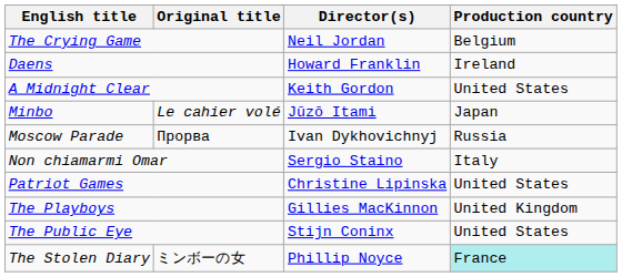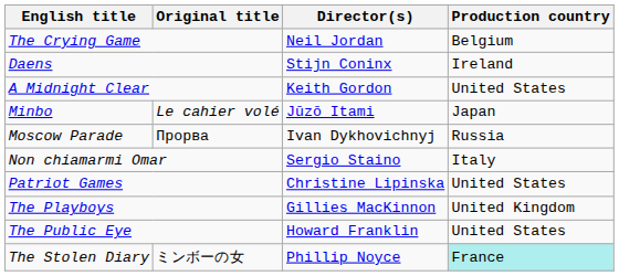 <table class="sortable wikitable" style="display:inline-block; margin-right:4%; margin-top:0px; margin-bottom:0px; border:none">
 <tr>
 <th>English title</th>
 <th>Original title</th>
 <th>Director(s)</th>
 <th>Production country</th>
 </tr>
 <tr>
 <td colspan=2><em><a href='#'>The Crying Game</a></em></td>
 <td><a href='#'>Neil Jordan</a></td>
 <td>Belgium</td>
 </tr>
 <tr>
 <td colspan=2><em><a href='#'>Daens</a></em></td>
-<td><a href='#'>Howard Franklin</a></td>
+<td><a href='#'>Stijn Coninx</a></td>
 <td>Ireland</td>
 </tr>
 <tr>
 <td colspan=2><em><a href='#'>A Midnight Clear</a></em></td>
 <td><a href='#'>Keith Gordon</a></td>
 <td>United States</td>
 </tr>
 <tr>
 <td><em><a href='#'>Minbo</a></em></td>
 <td><em>Le cahier volé</em></td>
 <td><a href='#'>Jūzō Itami</a></td>
 <td>Japan</td>
 </tr>
 <tr>
 <td><em>Moscow Parade</em></td>
 <td>Прорва</td>
 <td>Ivan Dykhovichnyj</td>
 <td>Russia</td>
 </tr>
 <tr>
 <td colspan=2><em>Non chiamarmi Omar</em></td>
 <td><a href='#'>Sergio Staino</a></td>
 <td>Italy</td>
 </tr>
 <tr>
 <td colspan=2><em><a href='#'>Patriot Games</a></em></td>
 <td><a href='#'>Christine Lipinska</a></td>
 <td>United States</td>
 </tr>
 <tr>
 <td colspan=2><em><a href='#'>The Playboys</a></em></td>
 <td><a href='#'>Gillies MacKinnon</a></td>
 <td>United Kingdom</td>
 </tr>
 <tr>
 <td colspan=2><em><a href='#'>The Public Eye</a></em></td>
-<td><a href='#'>Stijn Coninx</a></td>
+<td><a href='#'>Howard Franklin</a></td>
 <td>United States</td>
 </tr>
 <tr>
 <td><em>The Stolen Diary</em></td>
 <td>ミンボーの女</td>
 <td><a href='#'>Phillip Noyce</a></td>
 <td style="background: paleturquoise;">France</td>
 </tr>
 </table>
